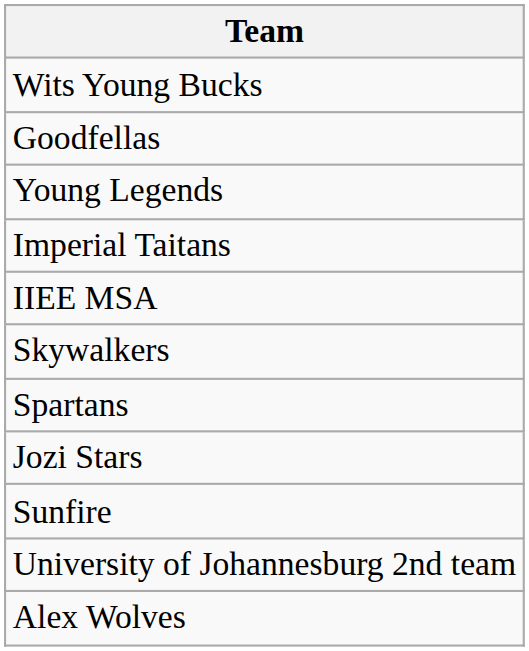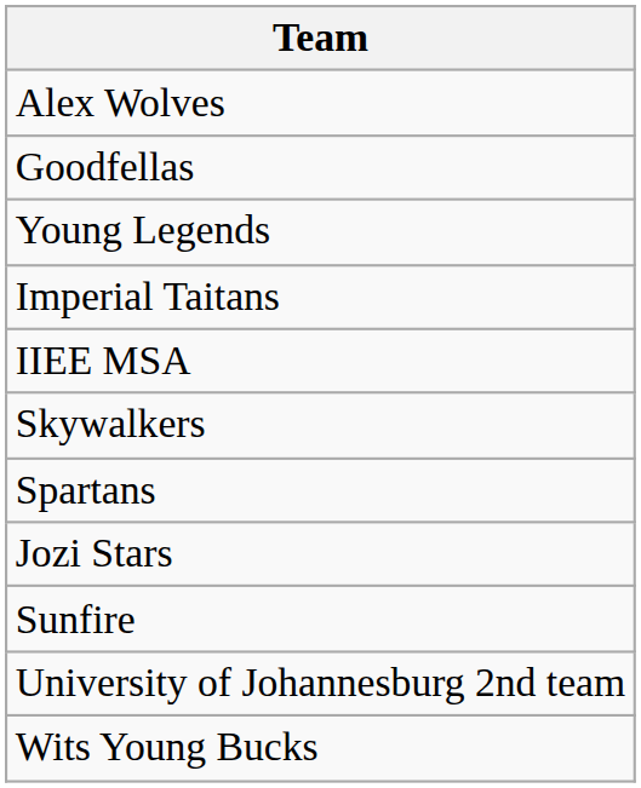 <table class="wikitable">
 <tr>
 <th>Team</th>
 </tr>
 <tr>
-<td>Wits Young Bucks</td>
+<td>Alex Wolves</td>
 </tr>
 <tr>
 <td>Goodfellas</td>
 </tr>
 <tr>
 <td>Young Legends</td>
 </tr>
 <tr>
 <td>Imperial Taitans</td>
 </tr>
 <tr>
 <td>IIEE MSA</td>
 </tr>
 <tr>
 <td>Skywalkers</td>
 </tr>
 <tr>
 <td>Spartans</td>
 </tr>
 <tr>
 <td>Jozi Stars</td>
 </tr>
 <tr>
 <td>Sunfire</td>
 </tr>
 <tr>
 <td>University of Johannesburg 2nd team</td>
 </tr>
 <tr>
-<td>Alex Wolves</td>
+<td>Wits Young Bucks</td>
 </tr>
 </table>
